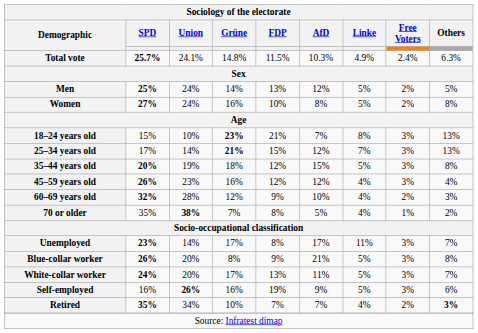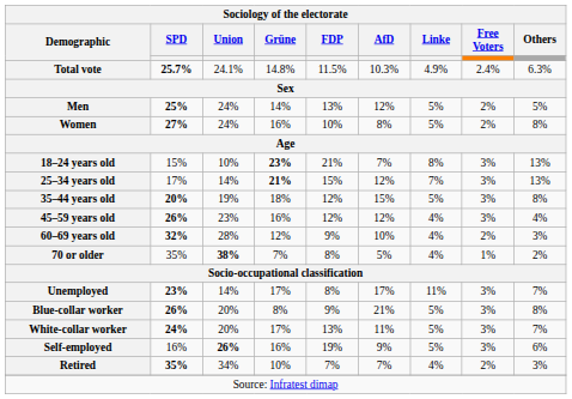 <table class="wikitable unsortable" style="font-size:90%;text-align:center;">
 <tr>
 <th colspan="10">Sociology of the electorate</th>
 </tr>
 <tr>
 <th scope="col" colspan="2" rowspan="2" class="unsortable" style="width:180px;">Demographic</th>
 <th scope="col" style="width:60px;"><a href='#'>SPD</a></th>
 <th scope="col" style="width:60px;"><a href='#'>Union</a></th>
 <th scope="col" style="width:60px;"><a href='#'>Grüne</a></th>
 <th scope="col" style="width:60px;"><a href='#'>FDP</a></th>
 <th scope="col" style="width:60px;"><a href='#'>AfD</a></th>
 <th scope="col" style="width:60px;"><a href='#'>Linke</a></th>
 <th scope="col" style="width:60px;"><a href='#'>Free Voters</a></th>
 <th scope="col" style="width:60px;">Others</th>
 </tr>
 <tr>
 <th style="background-color: "></th>
 <th style="background-color: "></th>
 <th style="background-color: "></th>
 <th style="background-color: "></th>
 <th style="background-color: "></th>
 <th style="background-color: "></th>
 <th style="background-color: #FF8000"></th>
 <th style="background-color: #a9a9a9"></th>
 </tr>
 <tr>
 <th colspan="2">Total vote</th>
 <td><strong>25.7%</strong></td>
 <td>24.1%</td>
 <td>14.8%</td>
 <td>11.5%</td>
 <td>10.3%</td>
 <td>4.9%</td>
 <td>2.4%</td>
 <td>6.3%</td>
 </tr>
 <tr class="sortbottom">
 <th colspan="10">Sex</th>
 </tr>
 <tr>
 <th colspan="2">Men</th>
 <td><strong>25%</strong></td>
 <td>24%</td>
 <td>14%</td>
 <td>13%</td>
 <td>12%</td>
 <td>5%</td>
 <td>2%</td>
 <td>5%</td>
 </tr>
 <tr>
 <th colspan="2">Women</th>
 <td><strong>27%</strong></td>
 <td>24%</td>
 <td>16%</td>
 <td>10%</td>
 <td>8%</td>
 <td>5%</td>
 <td>2%</td>
 <td>8%</td>
 </tr>
 <tr>
 <th colspan="10">Age</th>
 </tr>
 <tr>
 <th colspan="2">18–24 years old</th>
 <td>15%</td>
 <td>10%</td>
 <td><strong>23%</strong></td>
 <td>21%</td>
 <td>7%</td>
 <td>8%</td>
 <td>3%</td>
 <td>13%</td>
 </tr>
 <tr>
 <th colspan="2">25–34 years old</th>
 <td>17%</td>
 <td>14%</td>
 <td><strong>21%</strong></td>
 <td>15%</td>
 <td>12%</td>
 <td>7%</td>
 <td>3%</td>
 <td>13%</td>
 </tr>
 <tr>
 <th colspan="2">35–44 years old</th>
 <td><strong>20%</strong></td>
 <td>19%</td>
 <td>18%</td>
 <td>12%</td>
 <td>15%</td>
 <td>5%</td>
 <td>3%</td>
 <td>8%</td>
 </tr>
 <tr>
 <th colspan="2">45–59 years old</th>
 <td><strong>26%</strong></td>
 <td>23%</td>
 <td>16%</td>
 <td>12%</td>
 <td>12%</td>
 <td>4%</td>
 <td>3%</td>
 <td>4%</td>
 </tr>
 <tr>
 <th colspan="2">60–69 years old</th>
 <td><strong>32%</strong></td>
 <td>28%</td>
 <td>12%</td>
 <td>9%</td>
 <td>10%</td>
 <td>4%</td>
 <td>2%</td>
 <td>3%</td>
 </tr>
 <tr>
 <th colspan="2">70 or older</th>
 <td>35%</td>
 <td><strong>38%</strong></td>
 <td>7%</td>
 <td>8%</td>
 <td>5%</td>
 <td>4%</td>
 <td>1%</td>
 <td>2%</td>
 </tr>
 <tr>
 <th colspan="10">Socio-occupational classification</th>
 </tr>
 <tr>
 <th colspan="2">Unemployed</th>
 <td><strong>23%</strong></td>
 <td>14%</td>
 <td>17%</td>
 <td>8%</td>
 <td>17%</td>
 <td>11%</td>
 <td>3%</td>
 <td>7%</td>
 </tr>
 <tr>
 <th colspan="2">Blue-collar worker</th>
 <td><strong>26%</strong></td>
 <td>20%</td>
 <td>8%</td>
 <td>9%</td>
 <td>21%</td>
 <td>5%</td>
 <td>3%</td>
 <td>8%</td>
 </tr>
 <tr>
 <th colspan="2">White-collar worker</th>
 <td><strong>24%</strong></td>
 <td>20%</td>
 <td>17%</td>
 <td>13%</td>
 <td>11%</td>
 <td>5%</td>
 <td>3%</td>
 <td>7%</td>
 </tr>
 <tr>
 <th colspan="2">Self-employed</th>
 <td>16%</td>
 <td><strong>26%</strong></td>
 <td>16%</td>
 <td>19%</td>
 <td>9%</td>
 <td>5%</td>
 <td>3%</td>
 <td>6%</td>
 </tr>
 <tr>
 <th colspan="2">Retired</th>
 <td><strong>35%</strong></td>
 <td>34%</td>
 <td>10%</td>
 <td>7%</td>
 <td>7%</td>
 <td>4%</td>
 <td>2%</td>
-<td><strong>3%</strong></td>
+<td>3%</td>
 </tr>
 <tr>
 </tr>
 <tr class="sortbottom">
 <td colspan="14">Source: <a href='#'>Infratest dimap</a></td>
 </tr>
 </table>
